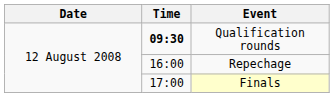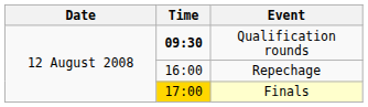 <table class = "wikitable" style="text-align:center;">
 <tr>
 <th width=150>Date</th>
 <th width=50>Time</th>
 <th width=150>Event</th>
 </tr>
 <tr>
 <td rowspan=3>12 August 2008</td>
 <td><strong>09:30</strong></td>
 <td>Qualification rounds</td>
 </tr>
 <tr>
 <td>16:00</td>
 <td>Repechage</td>
 </tr>
 <tr>
-<td>17:00</td>
+<td style="background: gold;">17:00</td>
 <td bgcolor=ffffcc>Finals</td>
 </tr>
 </table>
